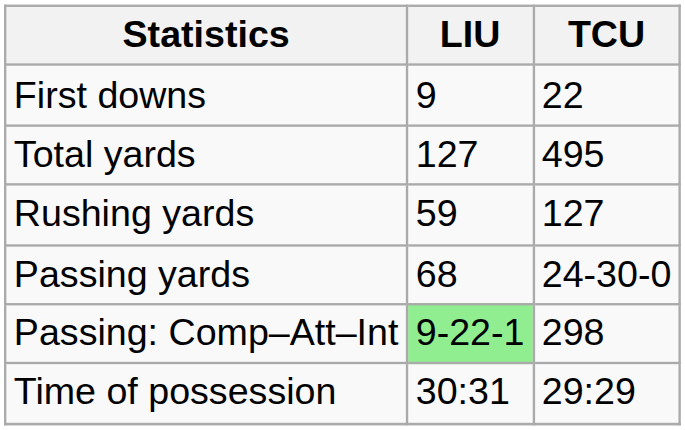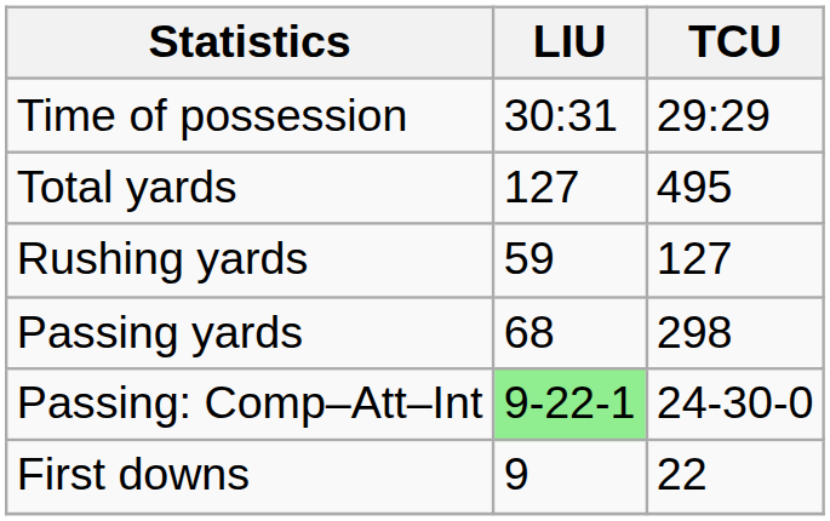 <table class="wikitable" style="float: left;">
 <tr>
 <th>Statistics</th>
 <th>LIU</th>
 <th>TCU</th>
 </tr>
 <tr>
-<td>First downs</td>
-<td>9</td>
-<td>22</td>
+<td>Time of possession</td>
+<td>30:31</td>
+<td>29:29</td>
 </tr>
 <tr>
 <td>Total yards</td>
 <td>127</td>
 <td>495</td>
 </tr>
 <tr>
 <td>Rushing yards</td>
 <td>59</td>
 <td>127</td>
 </tr>
 <tr>
 <td>Passing yards</td>
 <td>68</td>
-<td>24-30-0</td>
+<td>298</td>
 </tr>
 <tr>
 <td>Passing: Comp–Att–Int</td>
 <td style="background: lightgreen;">9-22-1</td>
-<td>298</td>
+<td>24-30-0</td>
 </tr>
 <tr>
-<td>Time of possession</td>
-<td>30:31</td>
-<td>29:29</td>
+<td>First downs</td>
+<td>9</td>
+<td>22</td>
 </tr>
 <tr>
 </tr>
 </table>
